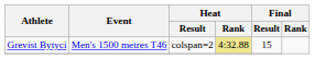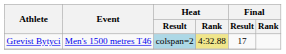 <table class="wikitable" style="text-align: center; font-size:90%">
 <tr>
 <th rowspan="2">Athlete</th>
 <th rowspan="2">Event</th>
 <th colspan="2">Heat</th>
 <th colspan="2">Final</th>
 </tr>
 <tr style="font-size:95%">
 <th>Result</th>
 <th>Rank</th>
 <th>Result</th>
 <th>Rank</th>
 </tr>
 <tr>
 <td align=left><a href='#'>Grevist Bytyci</a></td>
 <td align=left><a href='#'>Men's 1500 metres T46</a></td>
-<td>colspan=2 </td>
+<td style="background: lightblue;">colspan=2 </td>
 <td style="background: khaki;">4:32.88</td>
-<td>15</td>
+<td>17</td>
 </tr>
 <tr>
 </tr>
 </table>
